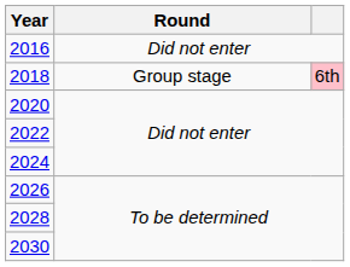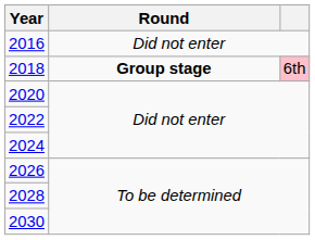 <table class="wikitable" style="text-align: center; font-size:90%">
 <tr>
 <th>Year</th>
 <th style="width:200px">Round</th>
 <th></th>
 </tr>
 <tr>
 <td><a href='#'>2016</a></td>
 <td colspan="2"><em>Did not enter</em></td>
 </tr>
 <tr>
 <td><a href='#'>2018</a></td>
-<td>Group stage</td>
+<td><strong>Group stage</strong></td>
 <td style="background: pink;">6th</td>
 </tr>
 <tr>
 <td><a href='#'>2020</a></td>
 <td colspan="2" rowspan="3"><em>Did not enter</em></td>
 </tr>
 <tr>
 <td><a href='#'>2022</a></td>
 </tr>
 <tr>
 <td><a href='#'>2024</a></td>
 </tr>
 <tr>
 <td><a href='#'>2026</a></td>
 <td colspan="2" rowspan="3"><em>To be determined</em></td>
 </tr>
 <tr>
 <td><a href='#'>2028</a></td>
 </tr>
 <tr>
 <td><a href='#'>2030</a></td>
 </tr>
 </table>
